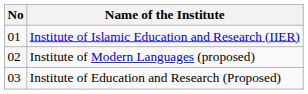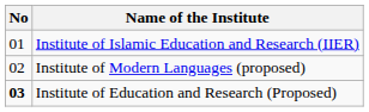 <table class="wikitable">
 <tr>
 <th>No</th>
 <th>Name of the Institute</th>
 </tr>
 <tr>
 <td>01</td>
 <td><a href='#'>Institute of Islamic Education and Research (IIER)</a></td>
 </tr>
 <tr>
 <td>02</td>
 <td>Institute of <a href='#'>Modern Languages</a> (proposed)</td>
 </tr>
 <tr>
-<td>03</td>
+<td><strong>03</strong></td>
 <td>Institute of Education and Research (Proposed)</td>
 </tr>
 </table>
